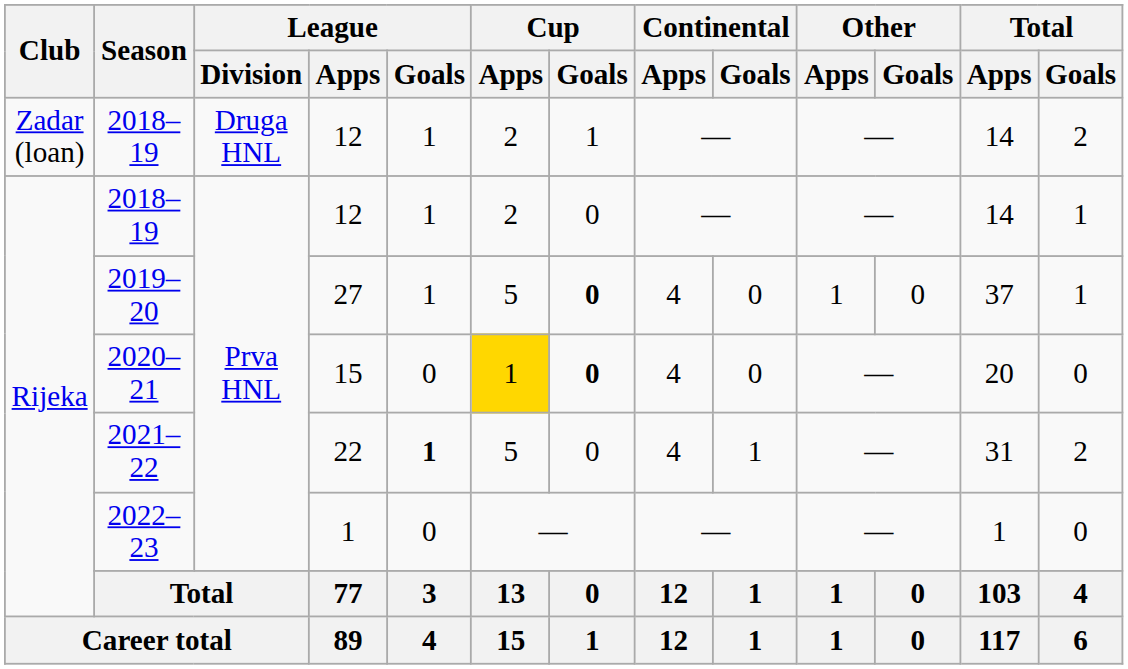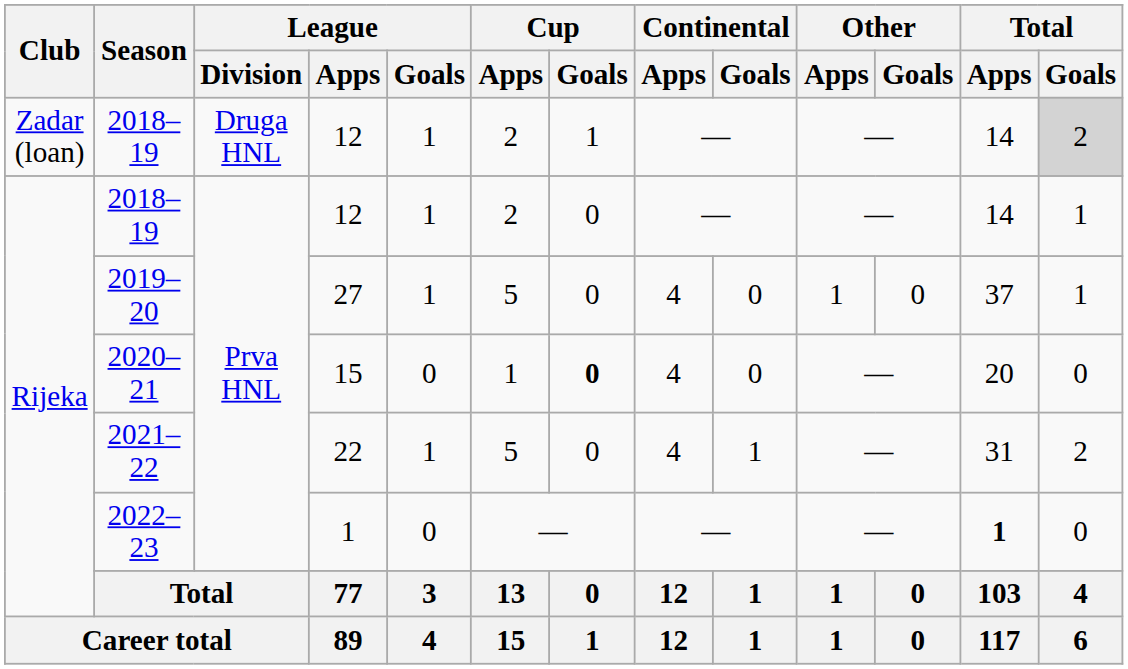 <table class="wikitable" style="text-align:center">
 <tr>
 <th rowspan="2">Club</th>
 <th rowspan="2">Season</th>
 <th colspan="3">League</th>
 <th colspan="2">Cup</th>
 <th colspan="2">Continental</th>
 <th colspan="2">Other</th>
 <th colspan="2">Total</th>
 </tr>
 <tr>
 <th>Division</th>
 <th>Apps</th>
 <th>Goals</th>
 <th>Apps</th>
 <th>Goals</th>
 <th>Apps</th>
 <th>Goals</th>
 <th>Apps</th>
 <th>Goals</th>
 <th>Apps</th>
 <th>Goals</th>
 </tr>
 <tr>
 <td><a href='#'>Zadar</a> (loan)</td>
 <td><a href='#'>2018–19</a></td>
 <td><a href='#'>Druga HNL</a></td>
 <td>12</td>
 <td>1</td>
 <td>2</td>
 <td>1</td>
 <td colspan="2">—</td>
 <td colspan="2">—</td>
 <td>14</td>
-<td>2</td>
+<td style="background: lightgrey;">2</td>
 </tr>
 <tr>
 <td rowspan="6"><a href='#'>Rijeka</a></td>
 <td><a href='#'>2018–19</a></td>
 <td rowspan="5"><a href='#'>Prva HNL</a></td>
 <td>12</td>
 <td>1</td>
 <td>2</td>
 <td>0</td>
 <td colspan="2">—</td>
 <td colspan="2">—</td>
 <td>14</td>
 <td>1</td>
 </tr>
 <tr>
 <td><a href='#'>2019–20</a></td>
 <td>27</td>
 <td>1</td>
 <td>5</td>
-<td><strong>0</strong></td>
+<td>0</td>
 <td>4</td>
 <td>0</td>
 <td>1</td>
 <td>0</td>
 <td>37</td>
 <td>1</td>
 </tr>
 <tr>
 <td><a href='#'>2020–21</a></td>
 <td>15</td>
 <td>0</td>
-<td style="background: gold;">1</td>
+<td>1</td>
 <td><strong>0</strong></td>
 <td>4</td>
 <td>0</td>
 <td colspan="2">—</td>
 <td>20</td>
 <td>0</td>
 </tr>
 <tr>
 <td><a href='#'>2021–22</a></td>
 <td>22</td>
-<td><strong>1</strong></td>
+<td>1</td>
 <td>5</td>
 <td>0</td>
 <td>4</td>
 <td>1</td>
 <td colspan="2">—</td>
 <td>31</td>
 <td>2</td>
 </tr>
 <tr>
 <td><a href='#'>2022–23</a></td>
 <td>1</td>
 <td>0</td>
 <td colspan="2">—</td>
 <td colspan="2">—</td>
 <td colspan="2">—</td>
-<td>1</td>
+<td><strong>1</strong></td>
 <td>0</td>
 </tr>
 <tr>
 <th colspan="2">Total</th>
 <th>77</th>
 <th>3</th>
 <th>13</th>
 <th>0</th>
 <th>12</th>
 <th>1</th>
 <th>1</th>
 <th>0</th>
 <th>103</th>
 <th>4</th>
 </tr>
 <tr>
 <th colspan="3">Career total</th>
 <th>89</th>
 <th>4</th>
 <th>15</th>
 <th>1</th>
 <th>12</th>
 <th>1</th>
 <th>1</th>
 <th>0</th>
 <th>117</th>
 <th>6</th>
 </tr>
 </table>
